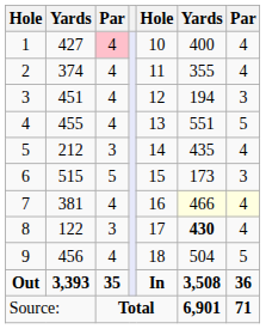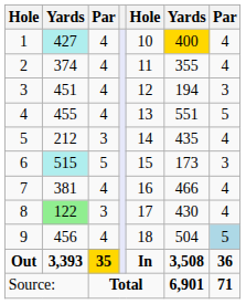 <table class="wikitable" style="text-align:center;">
 <tr>
 <th>Hole</th>
 <th>Yards</th>
 <th>Par</th>
 <th></th>
 <th>Hole</th>
 <th>Yards</th>
 <th>Par</th>
 </tr>
 <tr>
 <td>1</td>
-<td>427</td>
-<td style="background: pink;">4</td>
+<td style="background: paleturquoise;">427</td>
+<td>4</td>
 <td rowspan=10 style="background:#E6E8FA;"></td>
 <td>10</td>
-<td>400</td>
+<td style="background: gold;">400</td>
 <td>4</td>
 </tr>
 <tr>
 <td>2</td>
 <td>374</td>
 <td>4</td>
 <td>11</td>
 <td>355</td>
 <td>4</td>
 </tr>
 <tr>
 <td>3</td>
 <td>451</td>
 <td>4</td>
 <td>12</td>
 <td>194</td>
 <td>3</td>
 </tr>
 <tr>
 <td>4</td>
 <td>455</td>
 <td>4</td>
 <td>13</td>
 <td>551</td>
 <td>5</td>
 </tr>
 <tr>
 <td>5</td>
 <td>212</td>
 <td>3</td>
 <td>14</td>
 <td>435</td>
 <td>4</td>
 </tr>
 <tr>
 <td>6</td>
-<td>515</td>
+<td style="background: paleturquoise;">515</td>
 <td>5</td>
 <td>15</td>
 <td>173</td>
 <td>3</td>
 </tr>
 <tr>
 <td>7</td>
 <td>381</td>
 <td>4</td>
 <td>16</td>
-<td style="background: lightyellow;">466</td>
-<td style="background: lightyellow;">4</td>
+<td>466</td>
+<td>4</td>
 </tr>
 <tr>
 <td>8</td>
-<td>122</td>
+<td style="background: lightgreen;">122</td>
 <td>3</td>
 <td>17</td>
-<td><strong>430</strong></td>
+<td>430</td>
 <td>4</td>
 </tr>
 <tr>
 <td>9</td>
 <td>456</td>
 <td>4</td>
 <td>18</td>
 <td>504</td>
-<td>5</td>
+<td style="background: lightblue;">5</td>
 </tr>
 <tr>
 <td><strong>Out</strong></td>
 <td><strong>3,393</strong></td>
-<td><strong>35</strong></td>
+<td style="background: gold;"><strong>35</strong></td>
 <td><strong>In</strong></td>
 <td><strong>3,508</strong></td>
 <td><strong>36</strong></td>
 </tr>
 <tr>
 <td colspan="2" style="text-align:left;">Source:</td>
 <td colspan=3><strong>Total</strong></td>
 <td><strong>6,901</strong></td>
 <td><strong>71</strong></td>
 </tr>
 </table>
